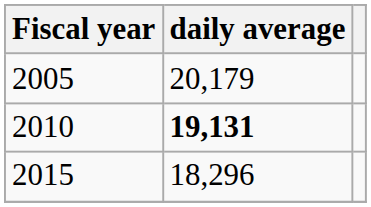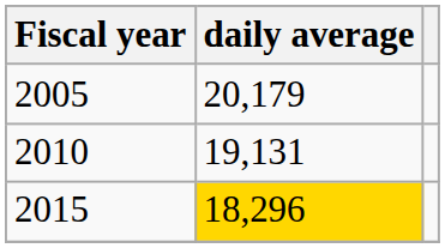 <table class="wikitable">
 <tr>
 <th>Fiscal year</th>
 <th>daily average</th>
 <th></th>
 </tr>
 <tr>
 <td>2005</td>
 <td>20,179</td>
 <td></td>
 </tr>
 <tr>
 <td>2010</td>
-<td><strong>19,131</strong></td>
+<td>19,131</td>
 <td></td>
 </tr>
 <tr>
 <td>2015</td>
-<td>18,296</td>
+<td style="background: gold;">18,296</td>
 <td></td>
 </tr>
 <tr>
 </tr>
 </table>
